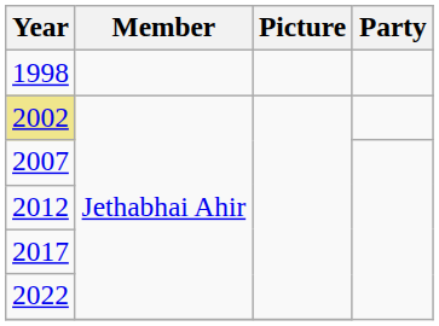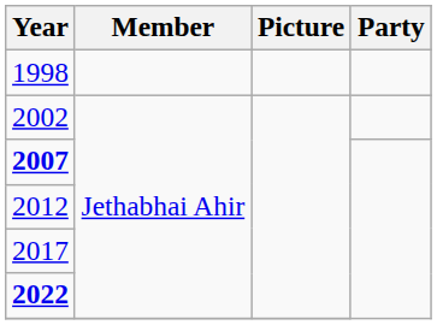 <table class="wikitable sortable">
 <tr>
 <th>Year</th>
 <th>Member</th>
 <th>Picture</th>
 <th colspan="2">Party</th>
 </tr>
 <tr>
 <td><a href='#'>1998</a></td>
 <td></td>
 <td></td>
 <td></td>
 </tr>
 <tr>
-<td style="background: khaki;"><a href='#'>2002</a></td>
+<td><a href='#'>2002</a></td>
 <td rowspan=5><a href='#'>Jethabhai Ahir</a></td>
 <td rowspan=5></td>
 <td></td>
 </tr>
 <tr>
-<td><a href='#'>2007</a></td>
+<td><strong><a href='#'>2007</a></strong></td>
 </tr>
 <tr>
 <td><a href='#'>2012</a></td>
 </tr>
 <tr>
 <td><a href='#'>2017</a></td>
 </tr>
 <tr>
-<td><a href='#'>2022</a></td>
+<td><strong><a href='#'>2022</a></strong></td>
 </tr>
 <tr>
 </tr>
 </table>
